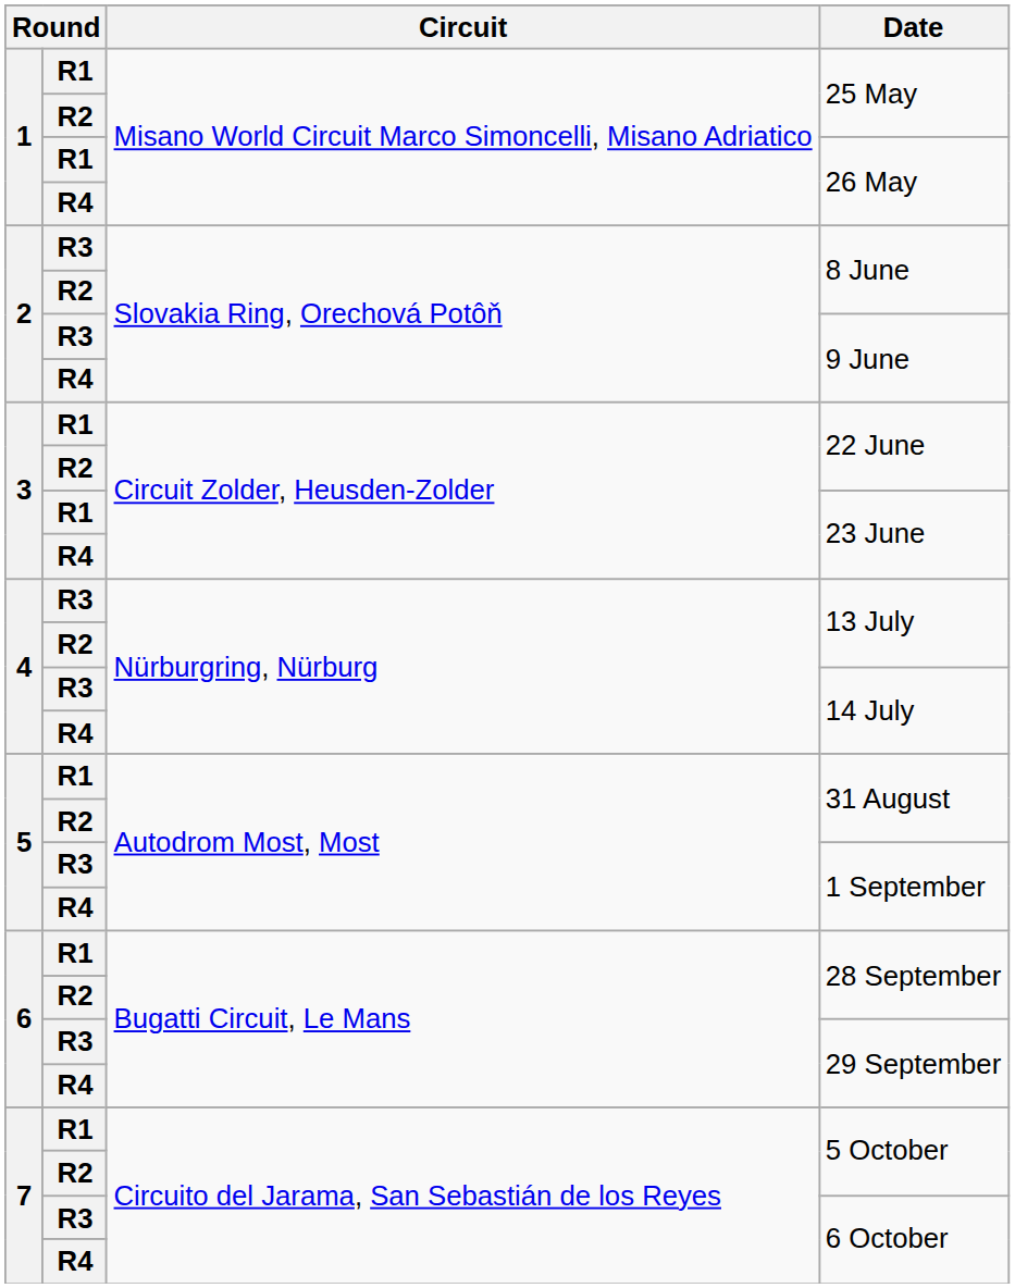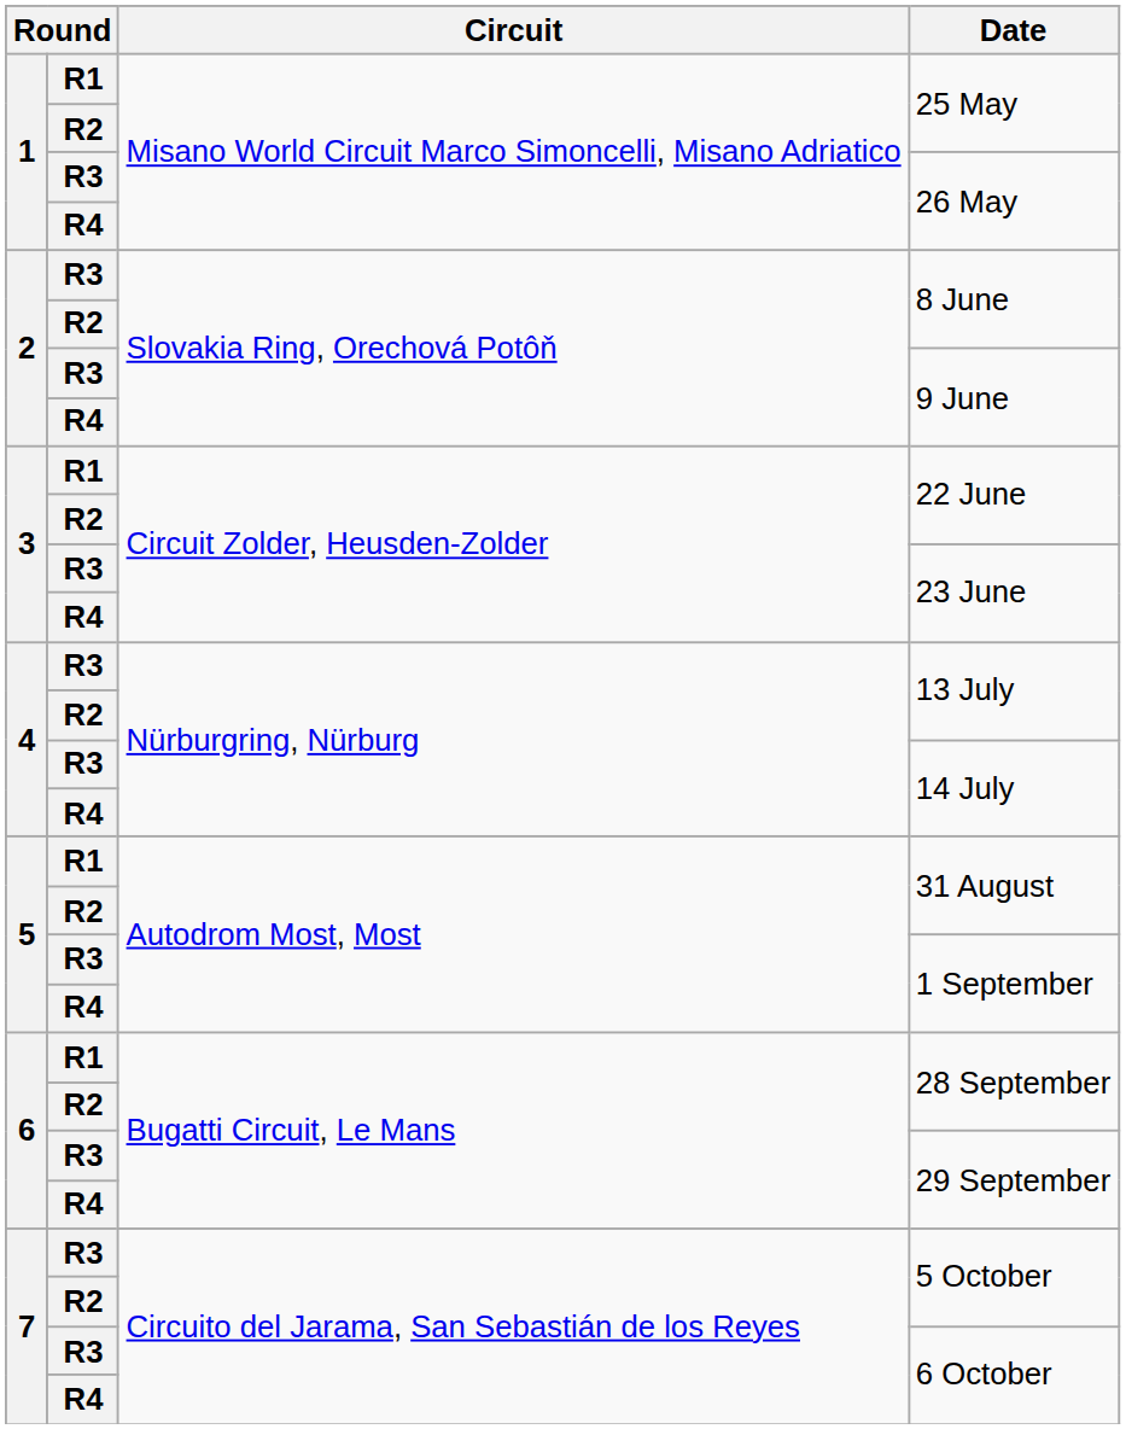 <table class="wikitable" style="font-size: 85%">
 <tr>
 <th colspan=2>Round</th>
 <th>Circuit</th>
 <th>Date</th>
 </tr>
 <tr>
 <th rowspan=4>1</th>
 <th>R1</th>
 <td rowspan=4> <a href='#'>Misano World Circuit Marco Simoncelli</a>, <a href='#'>Misano Adriatico</a></td>
 <td rowspan=2>25 May</td>
 </tr>
 <tr>
 <th>R2</th>
 </tr>
 <tr>
-<th>R1</th>
+<th>R3</th>
 <td rowspan=2>26 May</td>
 </tr>
 <tr>
 <th>R4</th>
 </tr>
 <tr>
 <th rowspan=4>2</th>
 <th>R3</th>
 <td rowspan=4> <a href='#'>Slovakia Ring</a>, <a href='#'>Orechová Potôň</a></td>
 <td rowspan=2>8 June</td>
 </tr>
 <tr>
 <th>R2</th>
 </tr>
 <tr>
 <th>R3</th>
 <td rowspan=2>9 June</td>
 </tr>
 <tr>
 <th>R4</th>
 </tr>
 <tr>
 <th rowspan=4>3</th>
 <th>R1</th>
 <td rowspan=4> <a href='#'>Circuit Zolder</a>, <a href='#'>Heusden-Zolder</a></td>
 <td rowspan=2>22 June</td>
 </tr>
 <tr>
 <th>R2</th>
 </tr>
 <tr>
-<th>R1</th>
+<th>R3</th>
 <td rowspan=2>23 June</td>
 </tr>
 <tr>
 <th>R4</th>
 </tr>
 <tr>
 <th rowspan=4>4</th>
 <th>R3</th>
 <td rowspan=4> <a href='#'>Nürburgring</a>, <a href='#'>Nürburg</a></td>
 <td rowspan=2>13 July</td>
 </tr>
 <tr>
 <th>R2</th>
 </tr>
 <tr>
 <th>R3</th>
 <td rowspan=2>14 July</td>
 </tr>
 <tr>
 <th>R4</th>
 </tr>
 <tr>
 <th rowspan=4>5</th>
 <th>R1</th>
 <td rowspan=4> <a href='#'>Autodrom Most</a>, <a href='#'>Most</a></td>
 <td rowspan=2>31 August</td>
 </tr>
 <tr>
 <th>R2</th>
 </tr>
 <tr>
 <th>R3</th>
 <td rowspan=2>1 September</td>
 </tr>
 <tr>
 <th>R4</th>
 </tr>
 <tr>
 <th rowspan=4>6</th>
 <th>R1</th>
 <td rowspan=4> <a href='#'>Bugatti Circuit</a>, <a href='#'>Le Mans</a></td>
 <td rowspan=2>28 September</td>
 </tr>
 <tr>
 <th>R2</th>
 </tr>
 <tr>
 <th>R3</th>
 <td rowspan=2>29 September</td>
 </tr>
 <tr>
 <th>R4</th>
 </tr>
 <tr>
 <th rowspan=4>7</th>
-<th>R1</th>
+<th>R3</th>
 <td rowspan=4> <a href='#'>Circuito del Jarama</a>, <a href='#'>San Sebastián de los Reyes</a></td>
 <td rowspan=2>5 October</td>
 </tr>
 <tr>
 <th>R2</th>
 </tr>
 <tr>
 <th>R3</th>
 <td rowspan=2>6 October</td>
 </tr>
 <tr>
 <th>R4</th>
 </tr>
 <tr>
 </tr>
 </table>
